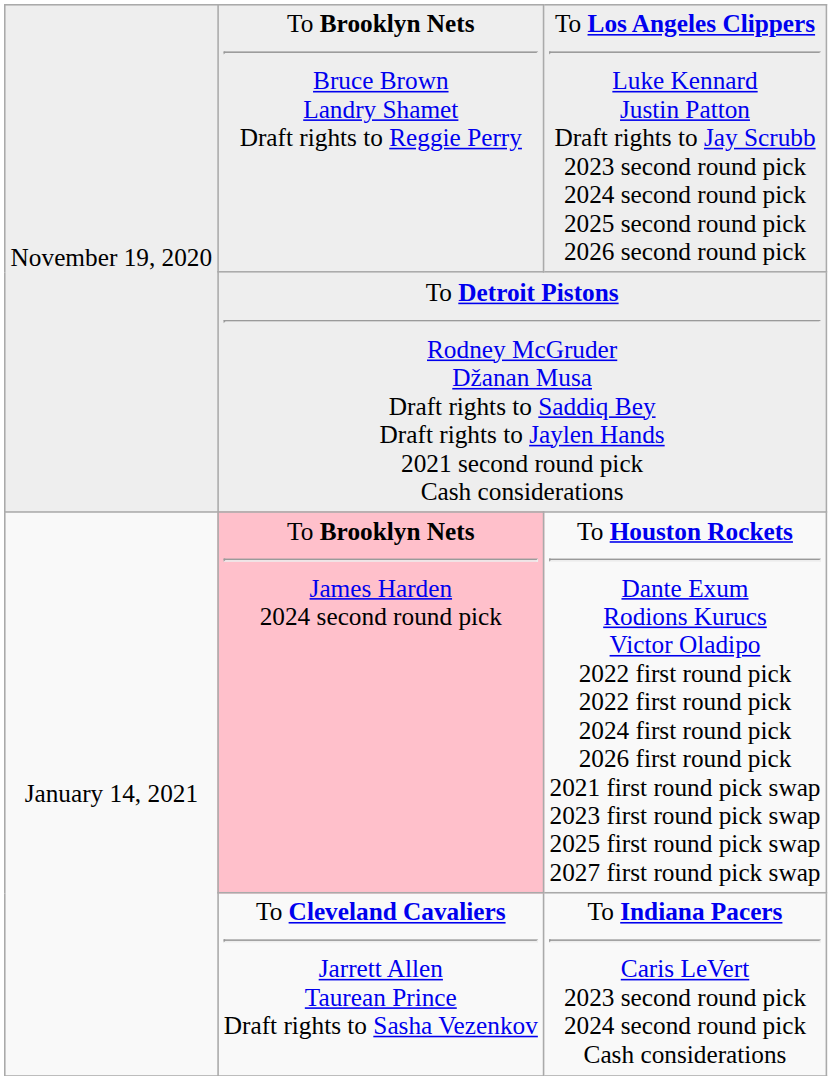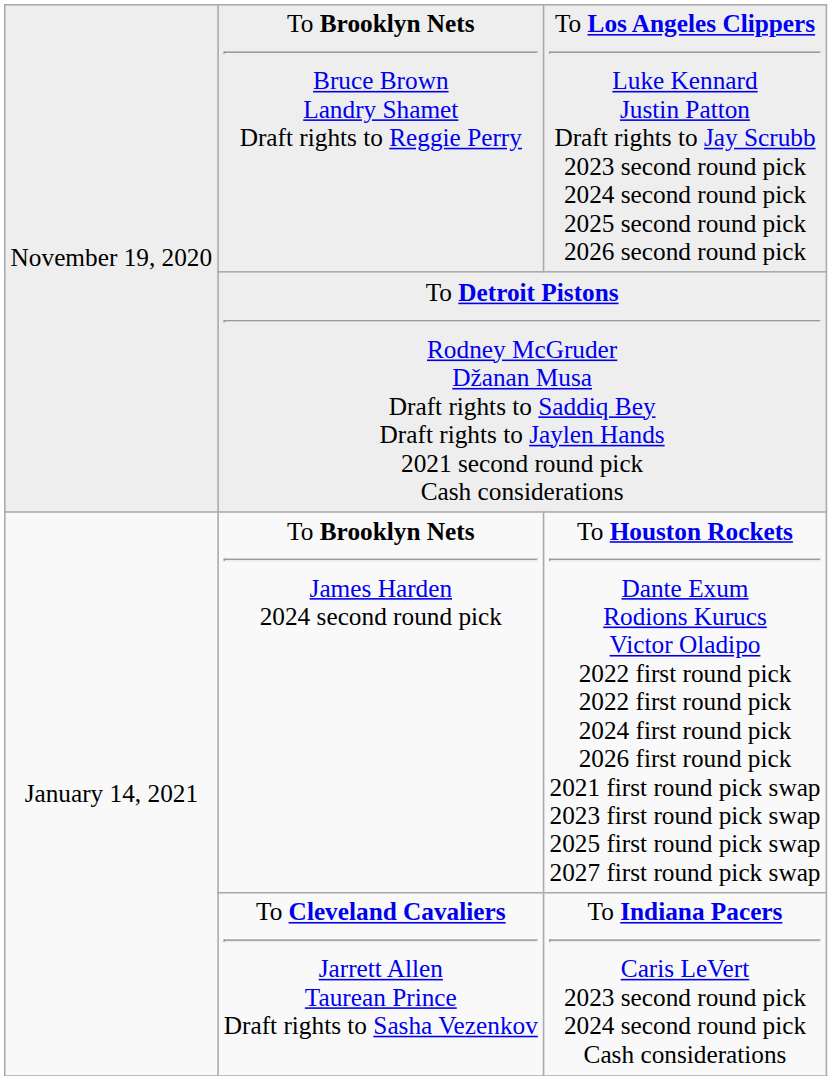 <table class="wikitable" style="text-align:center;">
 <tr style="background:#eee;">
 <td rowspan="2">November 19, 2020</td>
 <td style="vertical-align:top;">To <strong>Brooklyn Nets</strong><hr><a href='#'>Bruce Brown</a><br><a href='#'>Landry Shamet</a><br>Draft rights to <a href='#'>Reggie Perry</a></td>
 <td style="vertical-align:top;">To <strong><a href='#'>Los Angeles Clippers</a></strong><hr><a href='#'>Luke Kennard</a><br><a href='#'>Justin Patton</a><br>Draft rights to <a href='#'>Jay Scrubb</a><br>2023 second round pick<br>2024 second round pick<br>2025 second round pick<br>2026 second round pick</td>
 </tr>
 <tr style="background:#eee;">
 <td style="vertical-align:top;" colspan="2">To <strong><a href='#'>Detroit Pistons</a></strong><hr><a href='#'>Rodney McGruder</a><br><a href='#'>Džanan Musa</a><br>Draft rights to <a href='#'>Saddiq Bey</a><br>Draft rights to <a href='#'>Jaylen Hands</a><br>2021 second round pick<br>Cash considerations</td>
 </tr>
 <tr>
 <td rowspan="2">January 14, 2021</td>
-<td style="background: pink; vertical-align:top;">To <strong>Brooklyn Nets</strong><hr><a href='#'>James Harden</a><br>2024 second round pick</td>
+<td style="vertical-align:top;">To <strong>Brooklyn Nets</strong><hr><a href='#'>James Harden</a><br>2024 second round pick</td>
 <td style="vertical-align:top;">To <strong><a href='#'>Houston Rockets</a></strong><hr><a href='#'>Dante Exum</a><br><a href='#'>Rodions Kurucs</a><br><a href='#'>Victor Oladipo</a><br>2022 first round pick<br>2022 first round pick<br>2024 first round pick<br>2026 first round pick<br>2021 first round pick swap<br>2023 first round pick swap<br>2025 first round pick swap<br>2027 first round pick swap</td>
 </tr>
 <tr>
 <td style="vertical-align:top;">To <strong><a href='#'>Cleveland Cavaliers</a></strong><hr><a href='#'>Jarrett Allen</a><br><a href='#'>Taurean Prince</a><br>Draft rights to <a href='#'>Sasha Vezenkov</a></td>
 <td style="vertical-align:top;">To <strong><a href='#'>Indiana Pacers</a></strong><hr><a href='#'>Caris LeVert</a><br>2023 second round pick<br>2024 second round pick<br>Cash considerations</td>
 </tr>
 </table>
